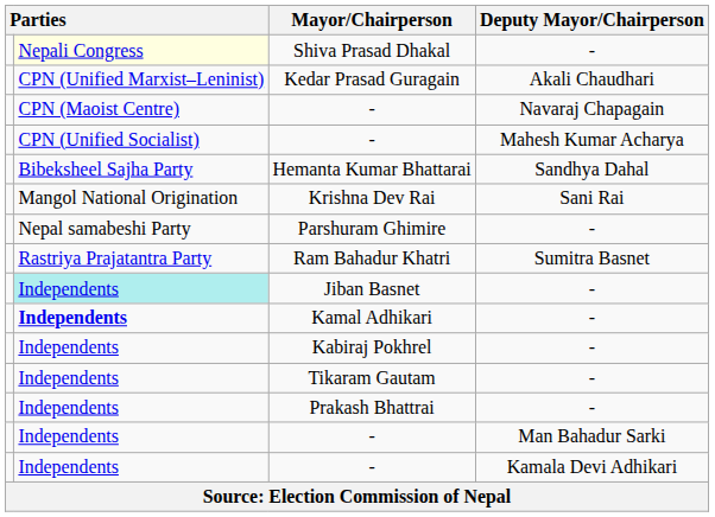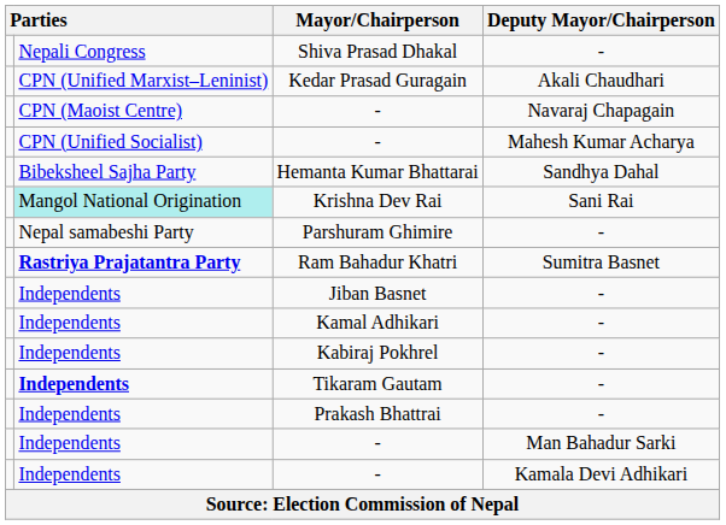 <table class="wikitable sortable" style="text-align:right">
 <tr>
 <th colspan="2" style="text-align:left;">Parties</th>
 <th>Mayor/Chairperson</th>
 <th>Deputy Mayor/Chairperson</th>
 </tr>
 <tr>
 <td style="background-color:"></td>
-<td style="background: lightyellow; text-align:left;"><a href='#'>Nepali Congress</a></td>
+<td style="text-align:left;"><a href='#'>Nepali Congress</a></td>
 <td style="text-align:center;">Shiva Prasad Dhakal</td>
 <td style="text-align:center;">-</td>
 </tr>
 <tr>
 <td style="background-color:"></td>
 <td style="text-align:left;"><a href='#'>CPN (Unified Marxist–Leninist)</a></td>
 <td style="text-align:center;">Kedar Prasad Guragain</td>
 <td style="text-align:center;">Akali Chaudhari</td>
 </tr>
 <tr>
 <td style="background-color:"></td>
 <td style="text-align:left;"><a href='#'>CPN (Maoist Centre)</a></td>
 <td style="text-align:center;">-</td>
 <td style="text-align:center;">Navaraj Chapagain</td>
 </tr>
 <tr>
 <td style="background-color:"></td>
 <td style="text-align:left;"><a href='#'>CPN (Unified Socialist)</a></td>
 <td style="text-align:center;">-</td>
 <td style="text-align:center;">Mahesh Kumar Acharya</td>
 </tr>
 <tr>
 <td style="background-color:"></td>
 <td style="text-align:left;"><a href='#'>Bibeksheel Sajha Party</a></td>
 <td style="text-align:center;">Hemanta Kumar Bhattarai</td>
 <td style="text-align:center;">Sandhya Dahal</td>
 </tr>
 <tr>
 <td style="background-color:"></td>
-<td style="text-align:left;">Mangol National Origination</td>
+<td style="background: paleturquoise; text-align:left;">Mangol National Origination</td>
 <td style="text-align:center;">Krishna Dev Rai</td>
 <td style="text-align:center;">Sani Rai</td>
 </tr>
 <tr>
 <td></td>
 <td style="text-align:left;">Nepal samabeshi Party</td>
 <td style="text-align:center;">Parshuram Ghimire</td>
 <td style="text-align:center;">-</td>
 </tr>
 <tr>
 <td style="background-color:"></td>
-<td style="text-align:left;"><a href='#'>Rastriya Prajatantra Party</a></td>
+<td style="text-align:left;"><strong><a href='#'>Rastriya Prajatantra Party</a></strong></td>
 <td style="text-align:center;">Ram Bahadur Khatri</td>
 <td style="text-align:center;">Sumitra Basnet</td>
 </tr>
 <tr>
 <td style="background-color:"></td>
-<td style="background: paleturquoise; text-align:left;"><a href='#'>Independents</a></td>
+<td style="text-align:left;"><a href='#'>Independents</a></td>
 <td style="text-align:center;">Jiban Basnet</td>
 <td style="text-align:center;">-</td>
 </tr>
 <tr>
 <td style="background-color:"></td>
-<td style="text-align:left;"><strong><a href='#'>Independents</a></strong></td>
+<td style="text-align:left;"><a href='#'>Independents</a></td>
 <td style="text-align:center;">Kamal Adhikari</td>
 <td style="text-align:center;">-</td>
 </tr>
 <tr>
 <td style="background-color:"></td>
 <td style="text-align:left;"><a href='#'>Independents</a></td>
 <td style="text-align:center;">Kabiraj Pokhrel</td>
 <td style="text-align:center;">-</td>
 </tr>
 <tr>
 <td style="background-color:"></td>
-<td style="text-align:left;"><a href='#'>Independents</a></td>
+<td style="text-align:left;"><strong><a href='#'>Independents</a></strong></td>
 <td style="text-align:center;">Tikaram Gautam</td>
 <td style="text-align:center;">-</td>
 </tr>
 <tr>
 <td style="background-color:"></td>
 <td style="text-align:left;"><a href='#'>Independents</a></td>
 <td style="text-align:center;">Prakash Bhattrai</td>
 <td style="text-align:center;">-</td>
 </tr>
 <tr>
 <td style="background-color:"></td>
 <td style="text-align:left;"><a href='#'>Independents</a></td>
 <td style="text-align:center;">-</td>
 <td style="text-align:center;">Man Bahadur Sarki</td>
 </tr>
 <tr>
 <td style="background-color:"></td>
 <td style="text-align:left;"><a href='#'>Independents</a></td>
 <td style="text-align:center;">-</td>
 <td style="text-align:center;">Kamala Devi Adhikari</td>
 </tr>
 <tr>
 <th colspan="6">Source: Election Commission of Nepal</th>
 </tr>
 </table>
